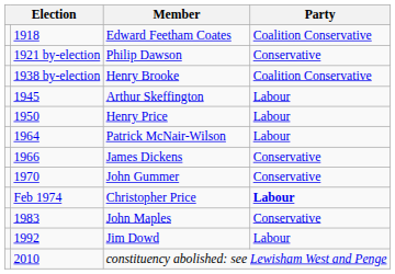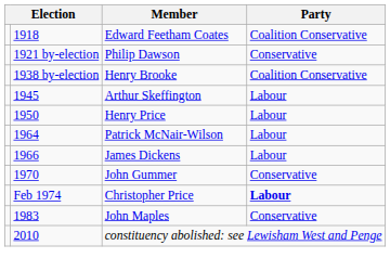 <table class="wikitable">
 <tr>
 <th colspan="2">Election</th>
 <th>Member</th>
 <th>Party</th>
 </tr>
 <tr>
 <td style="color:inherit;background-color: "></td>
 <td><a href='#'>1918</a></td>
 <td><a href='#'>Edward Feetham Coates</a></td>
 <td><a href='#'>Coalition Conservative</a></td>
 </tr>
 <tr>
 <td style="color:inherit;background-color: "></td>
 <td><a href='#'>1921 by-election</a></td>
 <td><a href='#'>Philip Dawson</a></td>
 <td><a href='#'>Conservative</a></td>
 </tr>
 <tr>
 <td style="color:inherit;background-color: "></td>
 <td><a href='#'>1938 by-election</a></td>
 <td><a href='#'>Henry Brooke</a></td>
 <td><a href='#'>Coalition Conservative</a></td>
 </tr>
 <tr>
 <td style="color:inherit;background-color: "></td>
 <td><a href='#'>1945</a></td>
 <td><a href='#'>Arthur Skeffington</a></td>
 <td><a href='#'>Labour</a></td>
 </tr>
 <tr>
 <td style="color:inherit;background-color: "></td>
 <td><a href='#'>1950</a></td>
 <td><a href='#'>Henry Price</a></td>
 <td><a href='#'>Labour</a></td>
 </tr>
 <tr>
 <td style="color:inherit;background-color: "></td>
 <td><a href='#'>1964</a></td>
 <td><a href='#'>Patrick McNair-Wilson</a></td>
 <td><a href='#'>Labour</a></td>
 </tr>
 <tr>
 <td style="color:inherit;background-color: "></td>
 <td><a href='#'>1966</a></td>
 <td><a href='#'>James Dickens</a></td>
-<td><a href='#'>Conservative</a></td>
+<td><a href='#'>Labour</a></td>
 </tr>
 <tr>
 <td style="color:inherit;background-color: "></td>
 <td><a href='#'>1970</a></td>
 <td><a href='#'>John Gummer</a></td>
 <td><a href='#'>Conservative</a></td>
 </tr>
 <tr>
 <td style="color:inherit;background-color: "></td>
 <td><a href='#'>Feb 1974</a></td>
 <td><a href='#'>Christopher Price</a></td>
 <td><strong><a href='#'>Labour</a></strong></td>
 </tr>
 <tr>
 <td style="color:inherit;background-color: "></td>
 <td><a href='#'>1983</a></td>
 <td><a href='#'>John Maples</a></td>
 <td><a href='#'>Conservative</a></td>
 </tr>
 <tr>
-<td style="color:inherit;background-color: "></td>
-<td><a href='#'>1992</a></td>
-<td><a href='#'>Jim Dowd</a></td>
-<td><a href='#'>Labour</a></td>
-</tr>
-<tr>
 <td></td>
 <td><a href='#'>2010</a></td>
 <td colspan="2"><em>constituency abolished: see <a href='#'>Lewisham West and Penge</a></em></td>
 </tr>
 </table>
